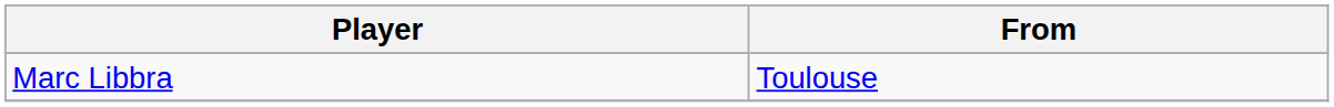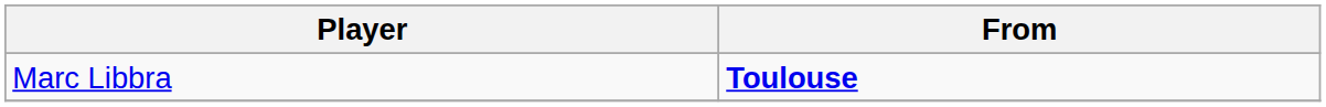 <table class="wikitable" style="text-align:center; font-size:95%;width:75%; text-align:left">
 <tr>
 <th><strong>Player</strong></th>
 <th><strong>From</strong></th>
 </tr>
 <tr --->
 <td> <a href='#'>Marc Libbra</a></td>
-<td><a href='#'>Toulouse</a></td>
+<td><strong><a href='#'>Toulouse</a></strong></td>
 </tr>
 <tr>
 </tr>
 </table>
